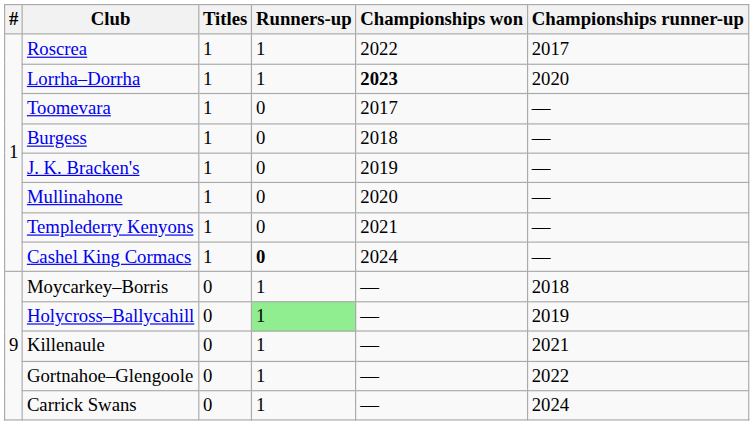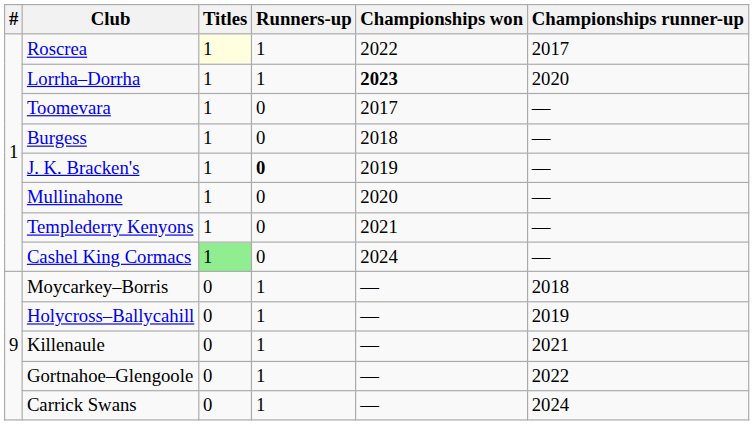 <table class="wikitable plainrowheaders sortable">
 <tr>
 <th>#</th>
 <th>Club</th>
 <th>Titles</th>
 <th>Runners-up</th>
 <th>Championships won</th>
 <th>Championships runner-up</th>
 </tr>
 <tr>
 <td rowspan="8">1</td>
 <td> <a href='#'>Roscrea</a></td>
-<td>1</td>
+<td style="background: lightyellow;">1</td>
 <td>1</td>
 <td>2022</td>
 <td>2017</td>
 </tr>
 <tr>
 <td><a href='#'>Lorrha–Dorrha</a></td>
 <td>1</td>
 <td>1</td>
 <td><strong>2023</strong></td>
 <td>2020</td>
 </tr>
 <tr>
 <td> <a href='#'>Toomevara</a></td>
 <td>1</td>
 <td>0</td>
 <td>2017</td>
 <td>—</td>
 </tr>
 <tr>
 <td> <a href='#'>Burgess</a></td>
 <td>1</td>
 <td>0</td>
 <td>2018</td>
 <td>—</td>
 </tr>
 <tr>
 <td> <a href='#'>J. K. Bracken's</a></td>
 <td>1</td>
-<td>0</td>
+<td><strong>0</strong></td>
 <td>2019</td>
 <td>—</td>
 </tr>
 <tr>
 <td> <a href='#'>Mullinahone</a></td>
 <td>1</td>
 <td>0</td>
 <td>2020</td>
 <td>—</td>
 </tr>
 <tr>
 <td> <a href='#'>Templederry Kenyons</a></td>
 <td>1</td>
 <td>0</td>
 <td>2021</td>
 <td>—</td>
 </tr>
 <tr>
 <td><a href='#'>Cashel King Cormacs</a></td>
-<td>1</td>
-<td><strong>0</strong></td>
+<td style="background: lightgreen;">1</td>
+<td>0</td>
 <td>2024</td>
 <td>—</td>
 </tr>
 <tr>
 <td rowspan="5">9</td>
 <td>Moycarkey–Borris</td>
 <td>0</td>
 <td>1</td>
 <td>—</td>
 <td>2018</td>
 </tr>
 <tr>
 <td><a href='#'>Holycross–Ballycahill</a></td>
 <td>0</td>
-<td style="background: lightgreen;">1</td>
+<td>1</td>
 <td>—</td>
 <td>2019</td>
 </tr>
 <tr>
 <td>Killenaule</td>
 <td>0</td>
 <td>1</td>
 <td>—</td>
 <td>2021</td>
 </tr>
 <tr>
 <td>Gortnahoe–Glengoole</td>
 <td>0</td>
 <td>1</td>
 <td>—</td>
 <td>2022</td>
 </tr>
 <tr>
 <td>Carrick Swans</td>
 <td>0</td>
 <td>1</td>
 <td>—</td>
 <td>2024</td>
 </tr>
 </table>
